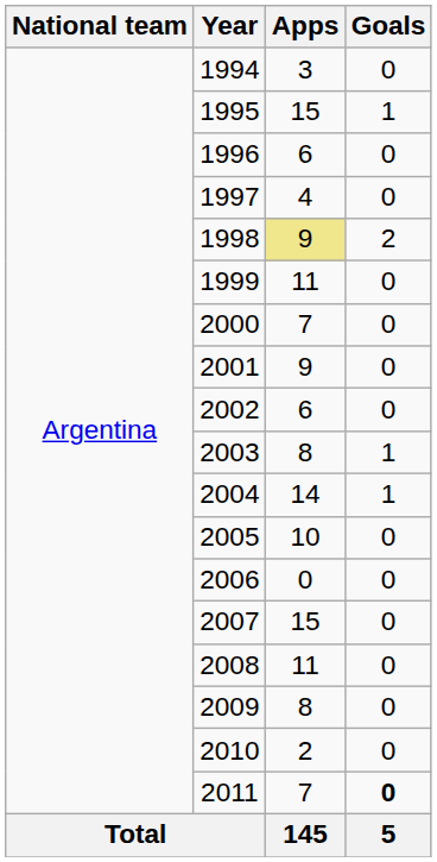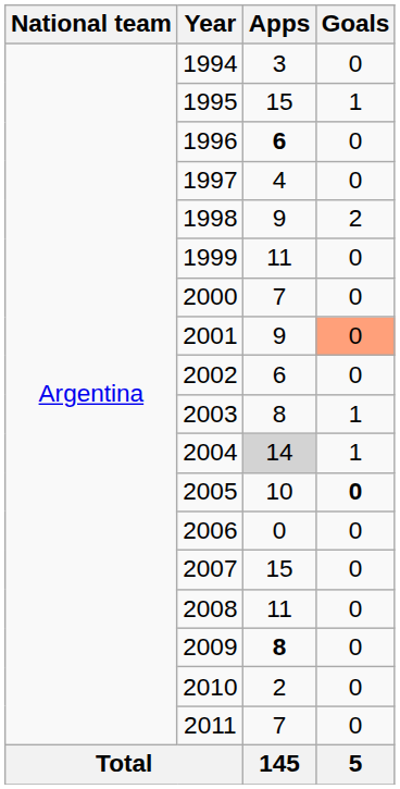 <table class="wikitable" style="text-align:center">
 <tr>
 <th>National team</th>
 <th>Year</th>
 <th>Apps</th>
 <th>Goals</th>
 </tr>
 <tr>
 <td rowspan="18"><a href='#'>Argentina</a></td>
 <td>1994</td>
 <td>3</td>
 <td>0</td>
 </tr>
 <tr>
 <td>1995</td>
 <td>15</td>
 <td>1</td>
 </tr>
 <tr>
 <td>1996</td>
-<td>6</td>
+<td><strong>6</strong></td>
 <td>0</td>
 </tr>
 <tr>
 <td>1997</td>
 <td>4</td>
 <td>0</td>
 </tr>
 <tr>
 <td>1998</td>
-<td style="background: khaki;">9</td>
+<td>9</td>
 <td>2</td>
 </tr>
 <tr>
 <td>1999</td>
 <td>11</td>
 <td>0</td>
 </tr>
 <tr>
 <td>2000</td>
 <td>7</td>
 <td>0</td>
 </tr>
 <tr>
 <td>2001</td>
 <td>9</td>
-<td>0</td>
+<td style="background: lightsalmon;">0</td>
 </tr>
 <tr>
 <td>2002</td>
 <td>6</td>
 <td>0</td>
 </tr>
 <tr>
 <td>2003</td>
 <td>8</td>
 <td>1</td>
 </tr>
 <tr>
 <td>2004</td>
-<td>14</td>
+<td style="background: lightgrey;">14</td>
 <td>1</td>
 </tr>
 <tr>
 <td>2005</td>
 <td>10</td>
-<td>0</td>
+<td><strong>0</strong></td>
 </tr>
 <tr>
 <td>2006</td>
 <td>0</td>
 <td>0</td>
 </tr>
 <tr>
 <td>2007</td>
 <td>15</td>
 <td>0</td>
 </tr>
 <tr>
 <td>2008</td>
 <td>11</td>
 <td>0</td>
 </tr>
 <tr>
 <td>2009</td>
-<td>8</td>
+<td><strong>8</strong></td>
 <td>0</td>
 </tr>
 <tr>
 <td>2010</td>
 <td>2</td>
 <td>0</td>
 </tr>
 <tr>
 <td>2011</td>
 <td>7</td>
-<td><strong>0</strong></td>
+<td>0</td>
 </tr>
 <tr>
 <th colspan="2">Total</th>
 <th>145</th>
 <th>5</th>
 </tr>
 </table>
